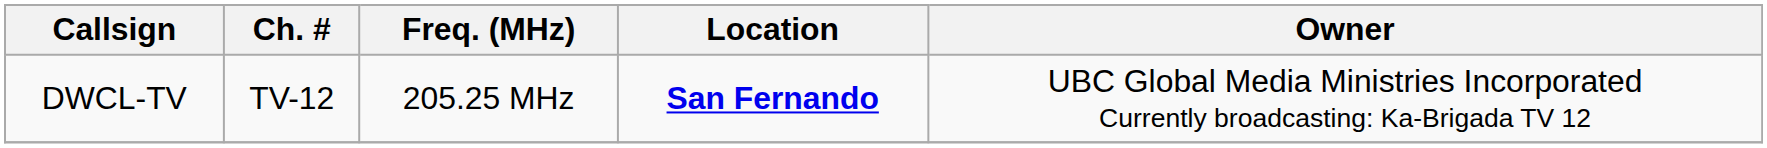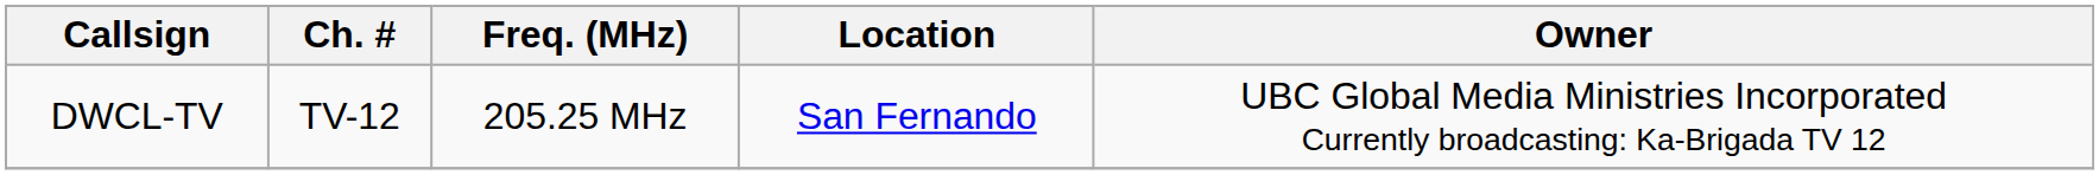 <table class="wikitable" style="width:100%; text-align:center;">
 <tr>
 <th>Callsign</th>
 <th>Ch. #</th>
 <th>Freq. (MHz)</th>
 <th>Location</th>
 <th>Owner</th>
 </tr>
 <tr>
 <td>DWCL-TV</td>
 <td>TV-12</td>
 <td>205.25 MHz</td>
-<td><strong><a href='#'>San Fernando</a></strong></td>
+<td><a href='#'>San Fernando</a></td>
 <td>UBC Global Media Ministries Incorporated<br><small>Currently broadcasting: Ka-Brigada TV 12</small></td>
 </tr>
 <tr>
 </tr>
 </table>
